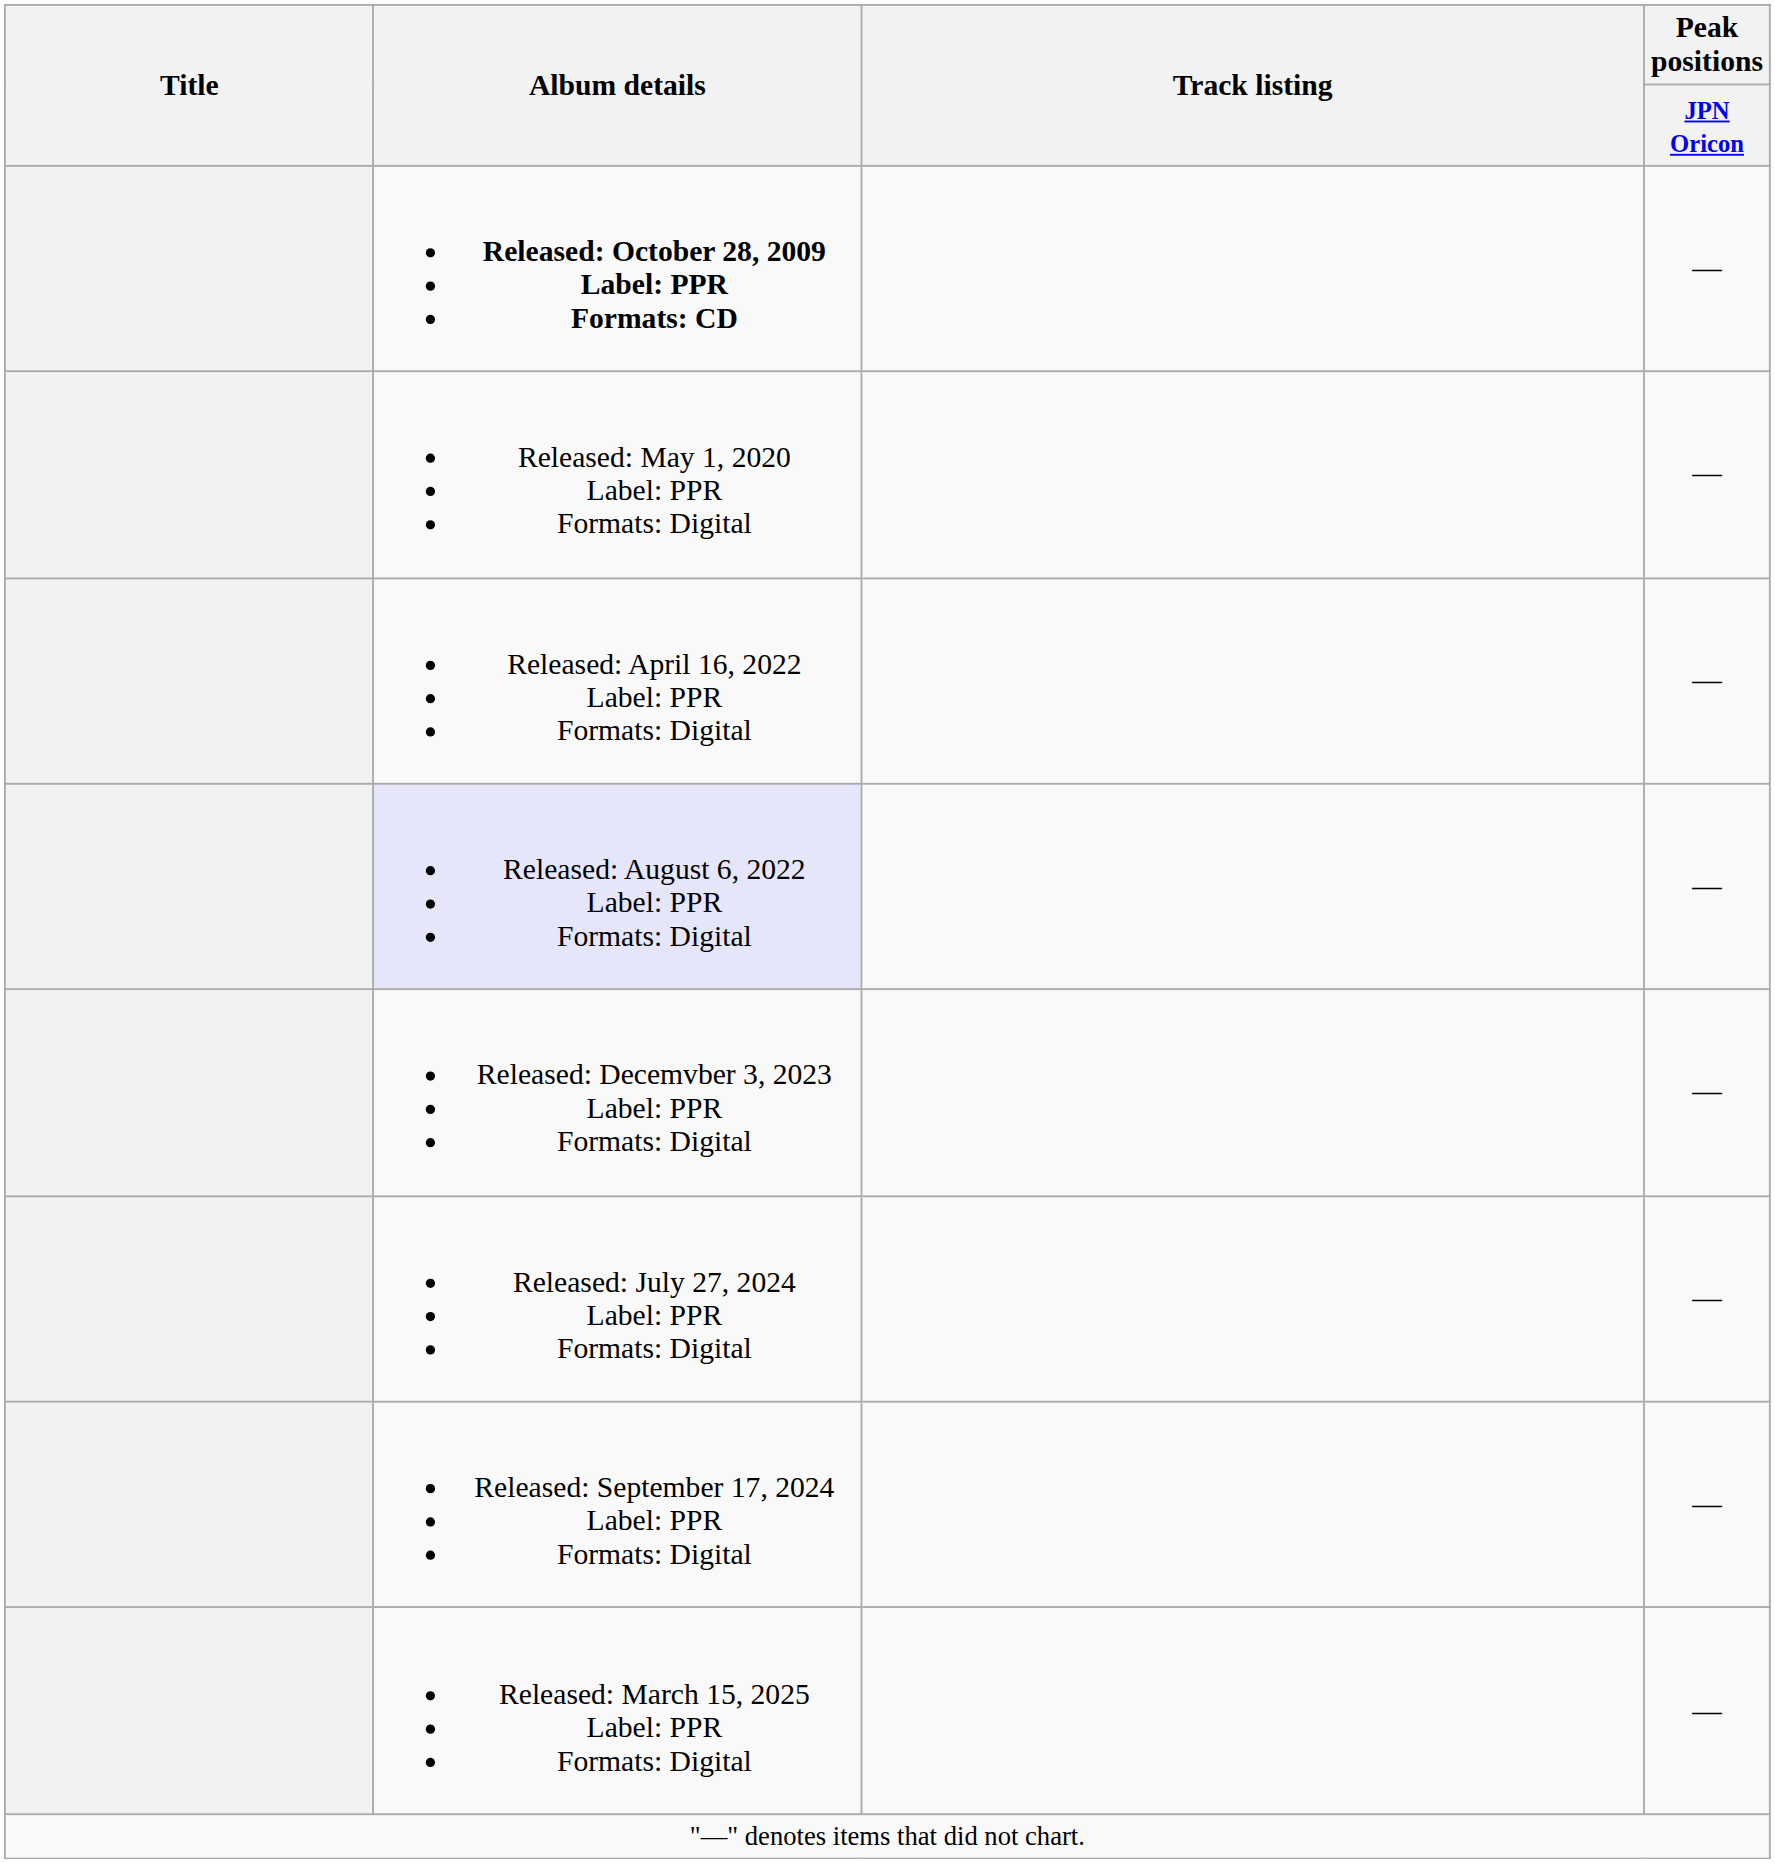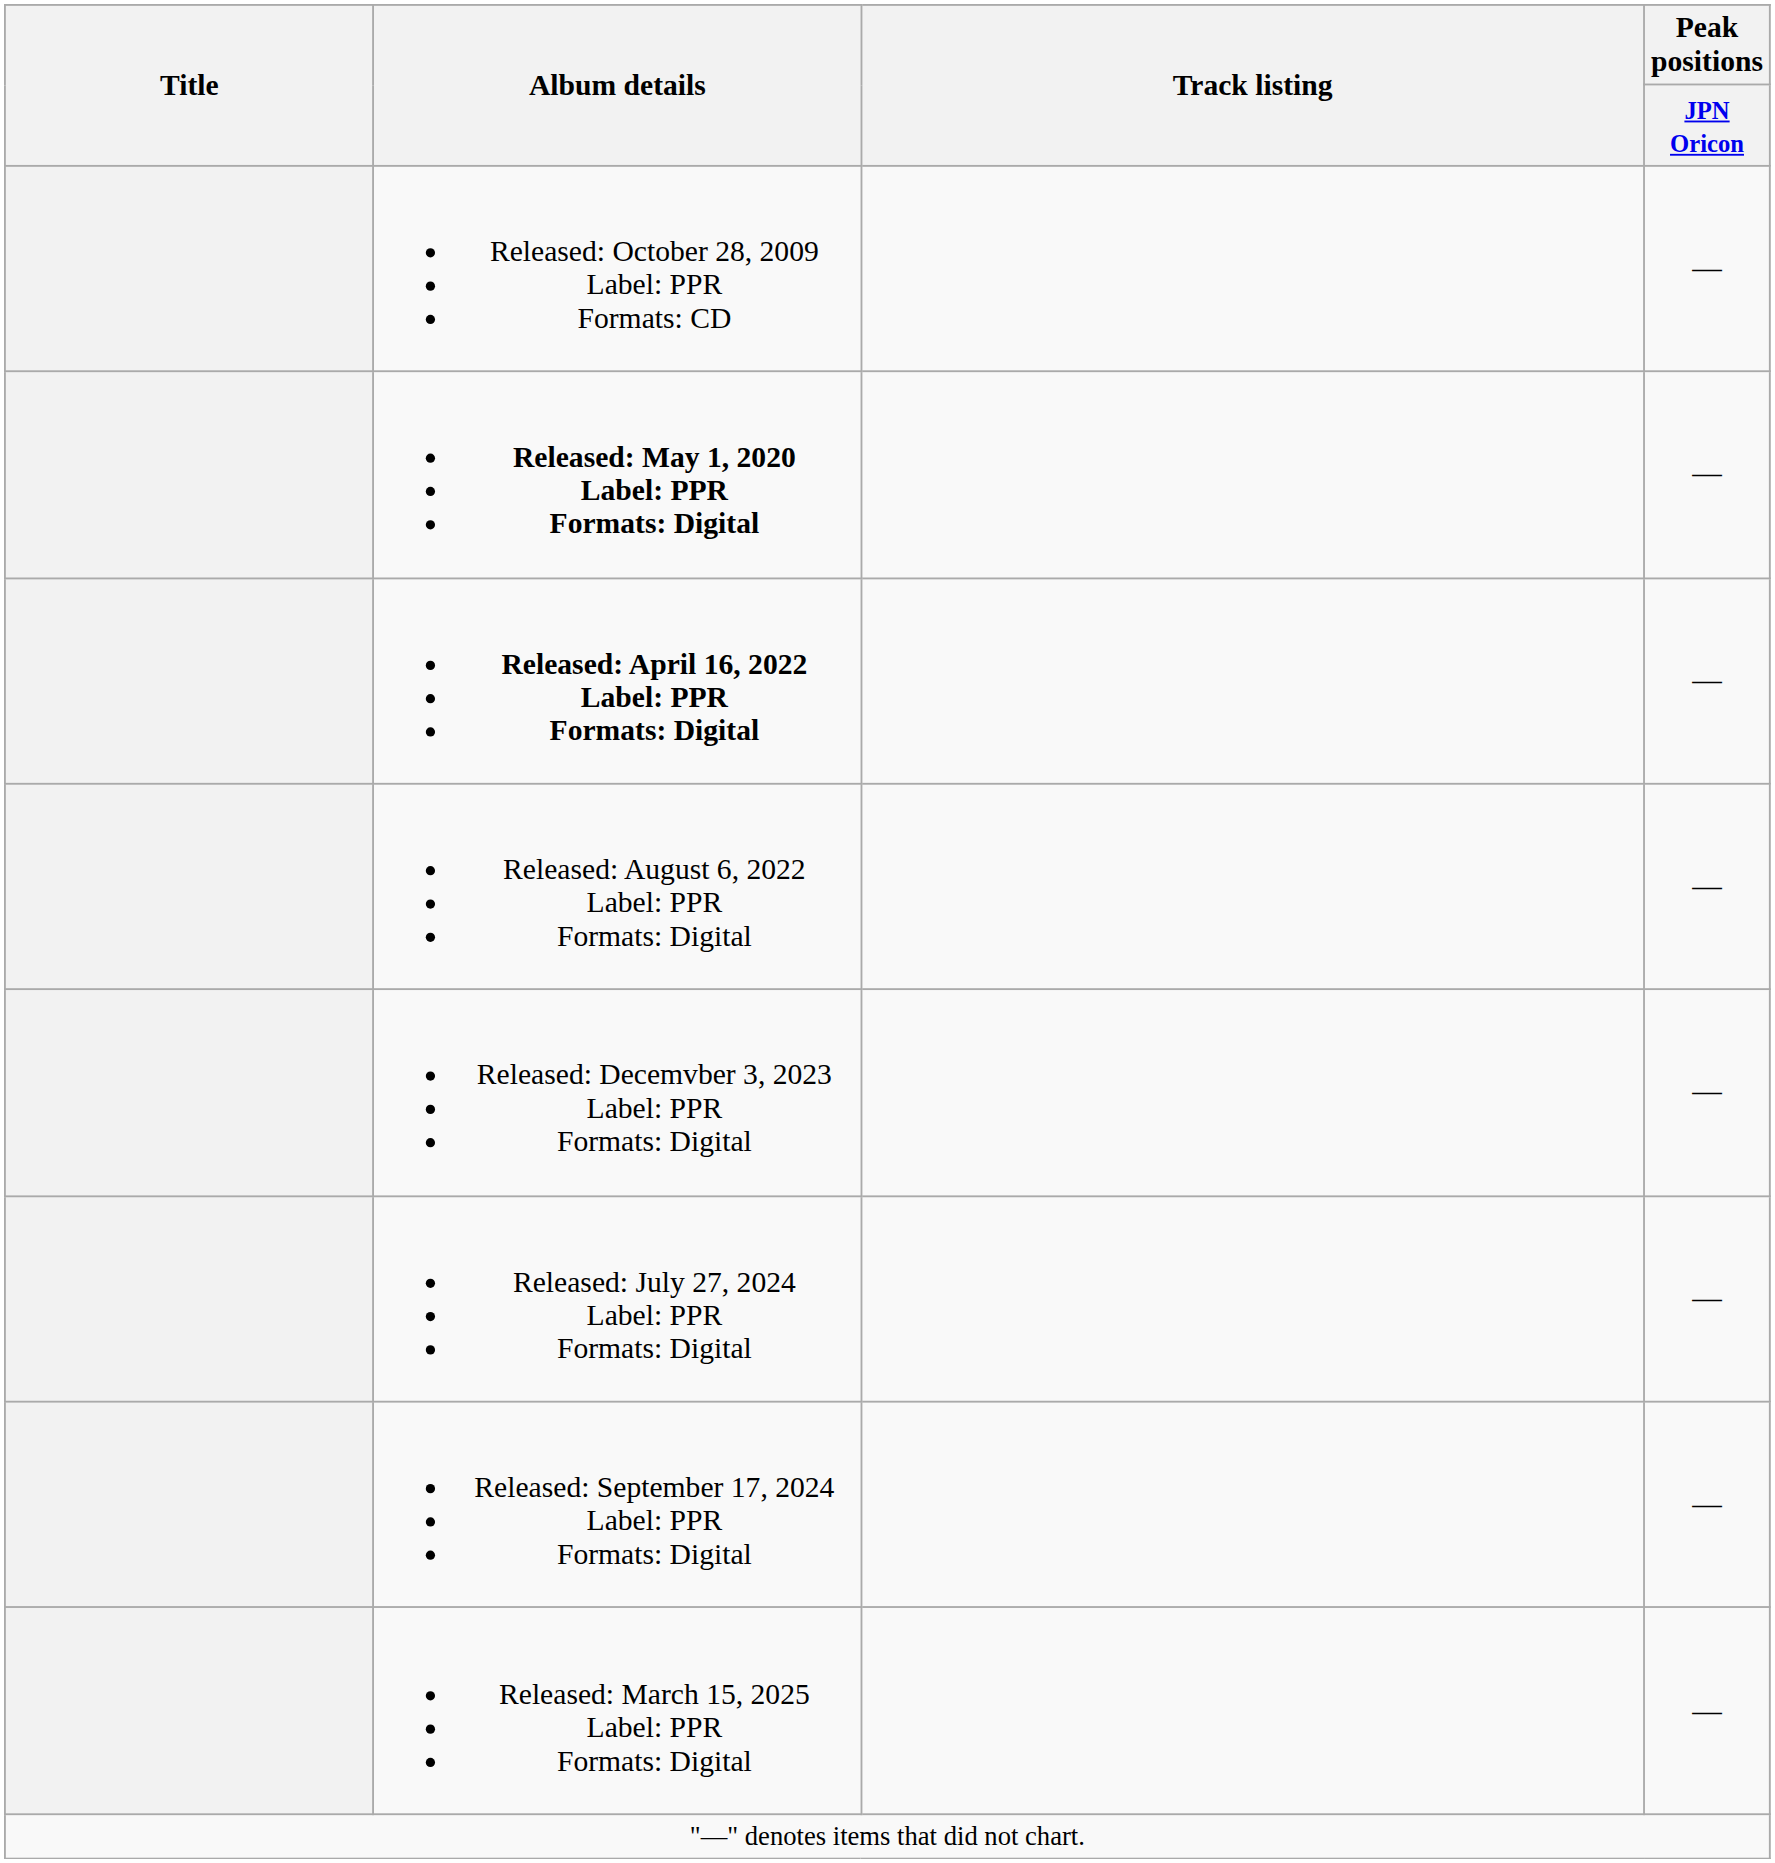 <table class="wikitable plainrowheaders" style="text-align:center;">
 <tr>
 <th style="width:12em;" rowspan="2">Title</th>
 <th style="width:16em;" rowspan="2">Album details</th>
 <th style="width:26em;" rowspan="2">Track listing</th>
 <th>Peak positions</th>
 </tr>
 <tr>
 <th style="width:2.5em;"><small><a href='#'>JPN<br>Oricon</a></small><br></th>
 </tr>
 <tr>
 <th scope="row"></th>
-<td><strong><br><ul><li>Released: October 28, 2009 </li><li>Label: PPR</li><li>Formats: CD </li></ul></strong></td>
+<td><br><ul><li>Released: October 28, 2009 </li><li>Label: PPR</li><li>Formats: CD </li></ul></td>
 <td><br></td>
 <td>—</td>
 </tr>
 <tr>
 <th scope="row"></th>
-<td><br><ul><li>Released: May 1, 2020 </li><li>Label: PPR</li><li>Formats: Digital</li></ul></td>
+<td><strong><br><ul><li>Released: May 1, 2020 </li><li>Label: PPR</li><li>Formats: Digital</li></ul></strong></td>
 <td><br></td>
 <td>—</td>
 </tr>
 <tr>
 <th scope="row"></th>
-<td><br><ul><li>Released: April 16, 2022 </li><li>Label: PPR</li><li>Formats: Digital</li></ul></td>
+<td><strong><br><ul><li>Released: April 16, 2022 </li><li>Label: PPR</li><li>Formats: Digital</li></ul></strong></td>
 <td><br></td>
 <td>—</td>
 </tr>
 <tr>
 <th scope="row"></th>
-<td style="background: lavender;"><br><ul><li>Released: August 6, 2022 </li><li>Label: PPR</li><li>Formats: Digital</li></ul></td>
+<td><br><ul><li>Released: August 6, 2022 </li><li>Label: PPR</li><li>Formats: Digital</li></ul></td>
 <td><br></td>
 <td>—</td>
 </tr>
 <tr>
 <th scope="row"></th>
 <td><br><ul><li>Released: Decemvber 3, 2023 </li><li>Label: PPR</li><li>Formats: Digital</li></ul></td>
 <td><br></td>
 <td>—</td>
 </tr>
 <tr>
 <th scope="row"></th>
 <td><br><ul><li>Released: July 27, 2024 </li><li>Label: PPR</li><li>Formats: Digital</li></ul></td>
 <td><br></td>
 <td>—</td>
 </tr>
 <tr>
 <th scope="row"></th>
 <td><br><ul><li>Released: September 17, 2024 </li><li>Label: PPR</li><li>Formats: Digital</li></ul></td>
 <td><br></td>
 <td>—</td>
 </tr>
 <tr>
 <th scope="row"></th>
 <td><br><ul><li>Released: March 15, 2025 </li><li>Label: PPR</li><li>Formats: Digital</li></ul></td>
 <td><br></td>
 <td>—</td>
 </tr>
 <tr>
 <td colspan="12" align="center" style="font-size:90%;">"—" denotes items that did not chart.</td>
 </tr>
 </table>
